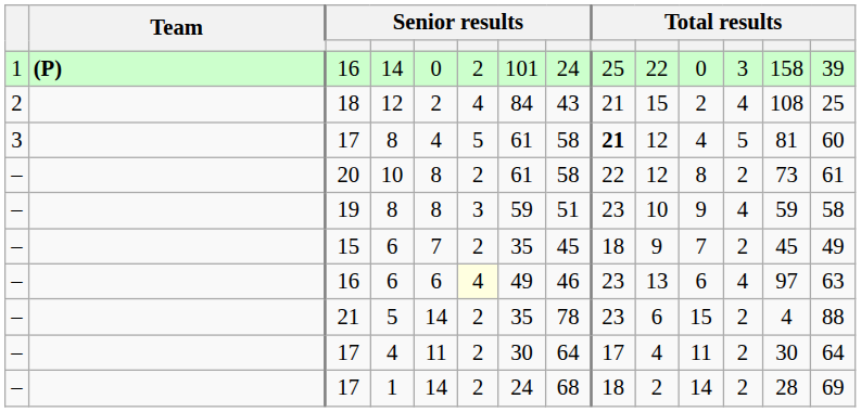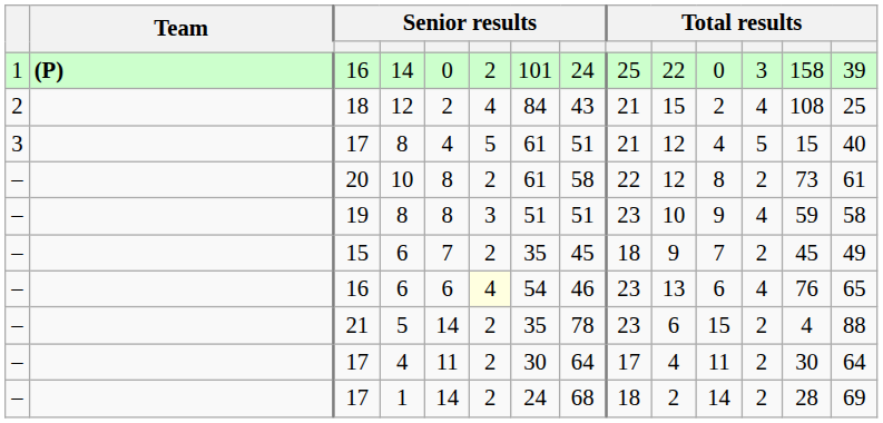 <table class="wikitable" style="text-align:center; margin-bottom:0">
 <tr>
 <th rowspan=2; style="width:10px"></th>
 <th rowspan=2; style="width:35%;">Team</th>
 <th colspan=6; style="border-left:2px solid gray;">Senior results</th>
 <th colspan=6; style="border-left:2px solid gray;">Total results</th>
 </tr>
 <tr>
 <th style="width:30px;" style="border-left:2px solid gray;"></th>
 <th style="width:30px;"></th>
 <th style="width:30px;"></th>
 <th style="width:30px;"></th>
 <th style="width:30px;"></th>
 <th style="width:30px;"></th>
 <th style="width:30px;" style="border-left:2px solid gray;"></th>
 <th style="width:30px;"></th>
 <th style="width:30px;"></th>
 <th style="width:30px;"></th>
 <th style="width:30px;"></th>
 <th style="width:30px;"></th>
 </tr>
 <tr style="background:#ccffcc;">
 <td>1</td>
 <td align=left> <strong>(P)</strong></td>
 <td style="border-left:2px solid gray;">16</td>
 <td>14</td>
 <td>0</td>
 <td>2</td>
 <td>101</td>
 <td>24</td>
 <td style="border-left:2px solid gray;">25</td>
 <td>22</td>
 <td>0</td>
 <td>3</td>
 <td>158</td>
 <td>39</td>
 </tr>
 <tr>
 <td>2</td>
 <td align=left></td>
 <td style="border-left:2px solid gray;">18</td>
 <td>12</td>
 <td>2</td>
 <td>4</td>
 <td>84</td>
 <td>43</td>
 <td style="border-left:2px solid gray;">21</td>
 <td>15</td>
 <td>2</td>
 <td>4</td>
 <td>108</td>
 <td>25</td>
 </tr>
 <tr>
 <td>3</td>
 <td align=left></td>
 <td style="border-left:2px solid gray;">17</td>
 <td>8</td>
 <td>4</td>
 <td>5</td>
 <td>61</td>
-<td>58</td>
-<td style="border-left:2px solid gray;"><strong>21</strong></td>
+<td>51</td>
+<td style="border-left:2px solid gray;">21</td>
 <td>12</td>
 <td>4</td>
 <td>5</td>
-<td>81</td>
-<td>60</td>
+<td>15</td>
+<td>40</td>
 </tr>
 <tr>
 <td>–</td>
 <td align=left></td>
 <td style="border-left:2px solid gray;">20</td>
 <td>10</td>
 <td>8</td>
 <td>2</td>
 <td>61</td>
 <td>58</td>
 <td style="border-left:2px solid gray;">22</td>
 <td>12</td>
 <td>8</td>
 <td>2</td>
 <td>73</td>
 <td>61</td>
 </tr>
 <tr>
 <td>–</td>
 <td align=left></td>
 <td style="border-left:2px solid gray;">19</td>
 <td>8</td>
 <td>8</td>
 <td>3</td>
-<td>59</td>
+<td>51</td>
 <td>51</td>
 <td style="border-left:2px solid gray;">23</td>
 <td>10</td>
 <td>9</td>
 <td>4</td>
 <td>59</td>
 <td>58</td>
 </tr>
 <tr>
 <td>–</td>
 <td align=left></td>
 <td style="border-left:2px solid gray;">15</td>
 <td>6</td>
 <td>7</td>
 <td>2</td>
 <td>35</td>
 <td>45</td>
 <td style="border-left:2px solid gray;">18</td>
 <td>9</td>
 <td>7</td>
 <td>2</td>
 <td>45</td>
 <td>49</td>
 </tr>
 <tr>
 <td>–</td>
 <td align=left></td>
 <td style="border-left:2px solid gray;">16</td>
 <td>6</td>
 <td>6</td>
 <td style="background: lightyellow;">4</td>
-<td>49</td>
+<td>54</td>
 <td>46</td>
 <td style="border-left:2px solid gray;">23</td>
 <td>13</td>
 <td>6</td>
 <td>4</td>
-<td>97</td>
-<td>63</td>
+<td>76</td>
+<td>65</td>
 </tr>
 <tr>
 <td>–</td>
 <td align=left></td>
 <td style="border-left:2px solid gray;">21</td>
 <td>5</td>
 <td>14</td>
 <td>2</td>
 <td>35</td>
 <td>78</td>
 <td style="border-left:2px solid gray;">23</td>
 <td>6</td>
 <td>15</td>
 <td>2</td>
 <td>4</td>
 <td>88</td>
 </tr>
 <tr>
 <td>–</td>
 <td align=left></td>
 <td style="border-left:2px solid gray;">17</td>
 <td>4</td>
 <td>11</td>
 <td>2</td>
 <td>30</td>
 <td>64</td>
 <td style="border-left:2px solid gray;">17</td>
 <td>4</td>
 <td>11</td>
 <td>2</td>
 <td>30</td>
 <td>64</td>
 </tr>
 <tr>
 <td>–</td>
 <td align=left></td>
 <td style="border-left:2px solid gray;">17</td>
 <td>1</td>
 <td>14</td>
 <td>2</td>
 <td>24</td>
 <td>68</td>
 <td style="border-left:2px solid gray;">18</td>
 <td>2</td>
 <td>14</td>
 <td>2</td>
 <td>28</td>
 <td>69</td>
 </tr>
 </table>
